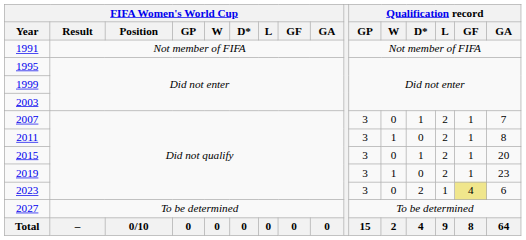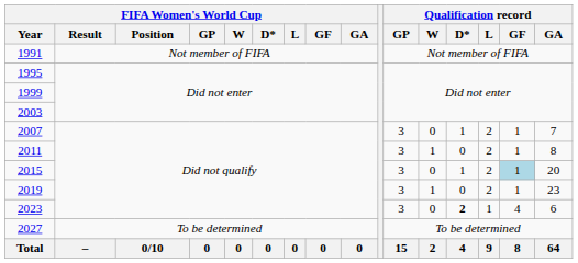 <table class="wikitable" style="text-align: center;">
 <tr>
 <th colspan=9><a href='#'>FIFA Women's World Cup</a></th>
 <th width=1% rowspan=26></th>
 <th colspan=6><a href='#'>Qualification</a> record</th>
 </tr>
 <tr>
 <th>Year</th>
 <th>Result</th>
 <th>Position</th>
 <th>GP</th>
 <th>W</th>
 <th>D*</th>
 <th>L</th>
 <th>GF</th>
 <th>GA</th>
 <th>GP</th>
 <th>W</th>
 <th>D*</th>
 <th>L</th>
 <th>GF</th>
 <th>GA</th>
 </tr>
 <tr>
 <td> <a href='#'>1991</a></td>
 <td colspan=9><em>Not member of FIFA</em></td>
 <td colspan=6><em>Not member of FIFA</em></td>
 </tr>
 <tr>
 <td> <a href='#'>1995</a></td>
 <td colspan=9 rowspan=3><em>Did not enter</em></td>
 <td colspan=6 rowspan=3><em>Did not enter</em></td>
 </tr>
 <tr>
 <td> <a href='#'>1999</a></td>
 </tr>
 <tr>
 <td> <a href='#'>2003</a></td>
 </tr>
 <tr>
 <td> <a href='#'>2007</a></td>
 <td colspan=9 rowspan=5><em>Did not qualify</em></td>
 <td>3</td>
 <td>0</td>
 <td>1</td>
 <td>2</td>
 <td>1</td>
 <td>7</td>
 </tr>
 <tr>
 <td> <a href='#'>2011</a></td>
 <td>3</td>
 <td>1</td>
 <td>0</td>
 <td>2</td>
 <td>1</td>
 <td>8</td>
 </tr>
 <tr>
 <td> <a href='#'>2015</a></td>
 <td>3</td>
 <td>0</td>
 <td>1</td>
 <td>2</td>
-<td>1</td>
+<td style="background: lightblue;">1</td>
 <td>20</td>
 </tr>
 <tr>
 <td> <a href='#'>2019</a></td>
 <td>3</td>
 <td>1</td>
 <td>0</td>
 <td>2</td>
 <td>1</td>
 <td>23</td>
 </tr>
 <tr>
 <td>  <a href='#'>2023</a></td>
 <td>3</td>
 <td>0</td>
-<td>2</td>
+<td><strong>2</strong></td>
 <td>1</td>
-<td style="background: khaki;">4</td>
+<td>4</td>
 <td>6</td>
 </tr>
 <tr>
 <td> <a href='#'>2027</a></td>
 <td colspan=9><em>To be determined</em></td>
 <td colspan=6><em>To be determined</em></td>
 </tr>
 <tr>
 <th>Total</th>
 <th>–</th>
 <th>0/10</th>
 <th>0</th>
 <th>0</th>
 <th>0</th>
 <th>0</th>
 <th>0</th>
 <th>0</th>
 <th>15</th>
 <th>2</th>
 <th>4</th>
 <th>9</th>
 <th>8</th>
 <th>64</th>
 </tr>
 </table>
